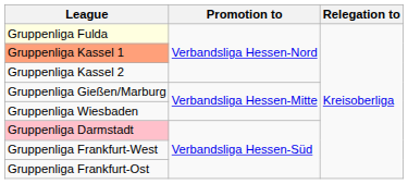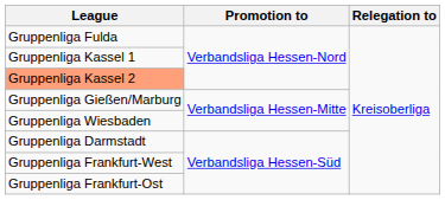 <table class="wikitable">
 <tr>
 <th>League</th>
 <th>Promotion to</th>
 <th>Relegation to</th>
 </tr>
 <tr>
-<td style="background: lightyellow;">Gruppenliga Fulda</td>
+<td>Gruppenliga Fulda</td>
 <td rowspan=3><a href='#'>Verbandsliga Hessen-Nord</a></td>
 <td rowspan=8><a href='#'>Kreisoberliga</a></td>
 </tr>
 <tr>
-<td style="background: lightsalmon;">Gruppenliga Kassel 1</td>
+<td>Gruppenliga Kassel 1</td>
 </tr>
 <tr>
-<td>Gruppenliga Kassel 2</td>
+<td style="background: lightsalmon;">Gruppenliga Kassel 2</td>
 </tr>
 <tr>
 <td>Gruppenliga Gießen/Marburg</td>
 <td rowspan=2><a href='#'>Verbandsliga Hessen-Mitte</a></td>
 </tr>
 <tr>
 <td>Gruppenliga Wiesbaden</td>
 </tr>
 <tr>
-<td style="background: pink;">Gruppenliga Darmstadt</td>
+<td>Gruppenliga Darmstadt</td>
 <td rowspan=3><a href='#'>Verbandsliga Hessen-Süd</a></td>
 </tr>
 <tr>
 <td>Gruppenliga Frankfurt-West</td>
 </tr>
 <tr>
 <td>Gruppenliga Frankfurt-Ost</td>
 </tr>
 </table>
